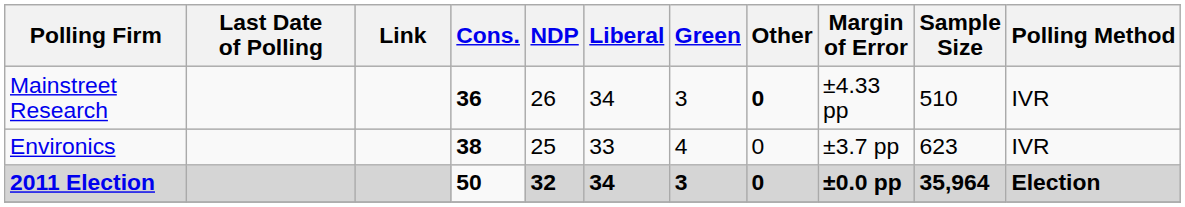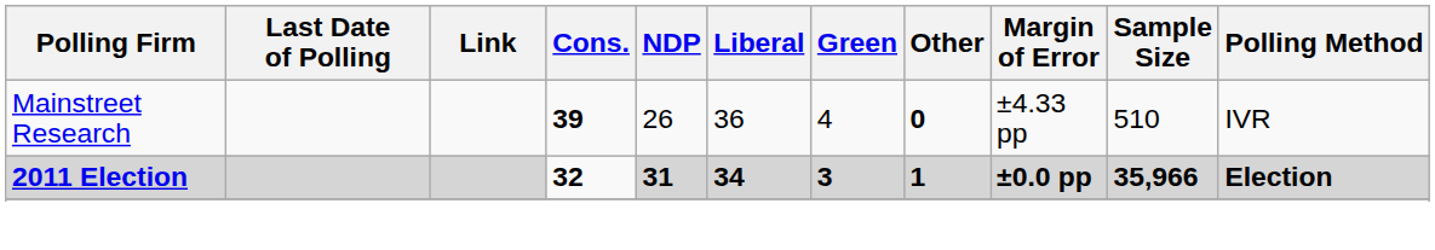 <table class="wikitable sortable">
 <tr style="background:#e9e9e9;">
 <th style="width:120px">Polling Firm</th>
 <th style="width:110px">Last Date<br>of Polling</th>
 <th style="width:60px" class="unsortable">Link</th>
 <th style="background-color:"><strong><a href='#'>Cons.</a></strong></th>
 <th style="background-color:"><strong><a href='#'>NDP</a></strong></th>
 <th style="background-color:"><strong><a href='#'>Liberal</a></strong></th>
 <th style="background-color:"><strong><a href='#'>Green</a></strong></th>
 <th style="background-color:"><strong>Other</strong></th>
 <th style="width:60px;" class=unsortable>Margin<br>of Error</th>
 <th style="width:50px;" class=unsortable>Sample<br>Size</th>
 <th class=unsortable>Polling Method</th>
 </tr>
 <tr>
 <td><a href='#'>Mainstreet Research</a></td>
 <td></td>
 <td></td>
-<td><strong>36</strong></td>
+<td><strong>39</strong></td>
 <td>26</td>
-<td>34</td>
-<td>3</td>
+<td>36</td>
+<td>4</td>
 <td><strong>0</strong></td>
 <td>±4.33 pp</td>
 <td>510</td>
 <td>IVR</td>
 </tr>
 <tr>
-<td><a href='#'>Environics</a></td>
-<td></td>
-<td></td>
-<td><strong>38</strong></td>
-<td>25</td>
-<td>33</td>
-<td>4</td>
-<td>0</td>
-<td>±3.7 pp</td>
-<td>623</td>
-<td>IVR</td>
-</tr>
-<tr>
 <td style="background:#D5D5D5"><strong><a href='#'>2011 Election</a></strong></td>
 <td style="background:#D5D5D5"><strong></strong></td>
 <td style="background:#D5D5D5"></td>
-<td><strong>50</strong></td>
-<td style="background:#D5D5D5"><strong>32</strong></td>
+<td><strong>32</strong></td>
+<td style="background:#D5D5D5"><strong>31</strong></td>
 <td style="background:#D5D5D5"><strong>34</strong></td>
 <td style="background:#D5D5D5"><strong>3</strong></td>
-<td style="background:#D5D5D5"><strong>0</strong></td>
+<td style="background:#D5D5D5"><strong>1</strong></td>
 <td style="background:#D5D5D5"><strong>±0.0 pp</strong></td>
-<td style="background:#D5D5D5"><strong>35,964</strong></td>
+<td style="background:#D5D5D5"><strong>35,966</strong></td>
 <td style="background:#D5D5D5"><strong>Election</strong></td>
 </tr>
 <tr>
 </tr>
 <tr>
 </tr>
 </table>
